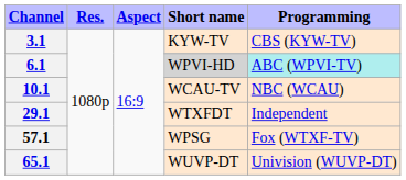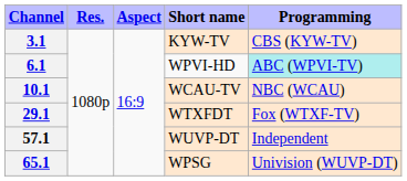 <table class="wikitable">
 <tr>
 <th style="background-color: #bdbdff" scope = "col"><a href='#'>Channel</a></th>
 <th style="background-color: #bdbdff" scope = "col"><a href='#'>Res.</a></th>
 <th style="background-color: #bdbdff" scope = "col"><a href='#'>Aspect</a></th>
 <th style="background-color: #bdbdff" scope = "col">Short name</th>
 <th style="background-color: #bdbdff" scope = "col">Programming</th>
 </tr>
 <tr>
 <th scope = "row"><a href='#'>3.1</a></th>
 <td rowspan=6>1080p</td>
 <td rowspan=6><a href='#'>16:9</a></td>
 <td style="background-color: #ffe8d0">KYW-TV</td>
 <td style="background-color: #ffe8d0"><a href='#'>CBS</a> (<a href='#'>KYW-TV</a>) </td>
 </tr>
 <tr>
 <th scope = "row"><a href='#'>6.1</a></th>
-<td style="background: lightgrey;">WPVI-HD</td>
+<td>WPVI-HD</td>
 <td style="background: paleturquoise;"><a href='#'>ABC</a> (<a href='#'>WPVI-TV</a>)</td>
 </tr>
 <tr>
 <th scope = "row"><a href='#'>10.1</a></th>
 <td style="background-color: #ffe8d0">WCAU-TV</td>
 <td style="background-color: #ffe8d0"><a href='#'>NBC</a> (<a href='#'>WCAU</a>) </td>
 </tr>
 <tr>
 <th scope = "row"><a href='#'>29.1</a></th>
 <td style="background-color: #ffe8d0">WTXFDT</td>
+<td style="background-color: #ffe8d0"><a href='#'>Fox</a> (<a href='#'>WTXF-TV</a>) </td>
+</tr>
+<tr>
+<th scope = "row">57.1</th>
+<td style="background-color: #ffe8d0">WUVP-DT</td>
 <td style="background-color: #ffe8d0"><a href='#'>Independent</a> </td>
 </tr>
 <tr>
-<th scope = "row">57.1</th>
+<th scope = "row"><a href='#'>65.1</a></th>
 <td style="background-color: #ffe8d0">WPSG</td>
-<td style="background-color: #ffe8d0"><a href='#'>Fox</a> (<a href='#'>WTXF-TV</a>) </td>
-</tr>
-<tr>
-<th scope = "row"><a href='#'>65.1</a></th>
-<td style="background-color: #ffe8d0">WUVP-DT</td>
 <td style="background-color: #ffe8d0"><a href='#'>Univision</a> (<a href='#'>WUVP-DT</a>) </td>
 </tr>
 </table>
